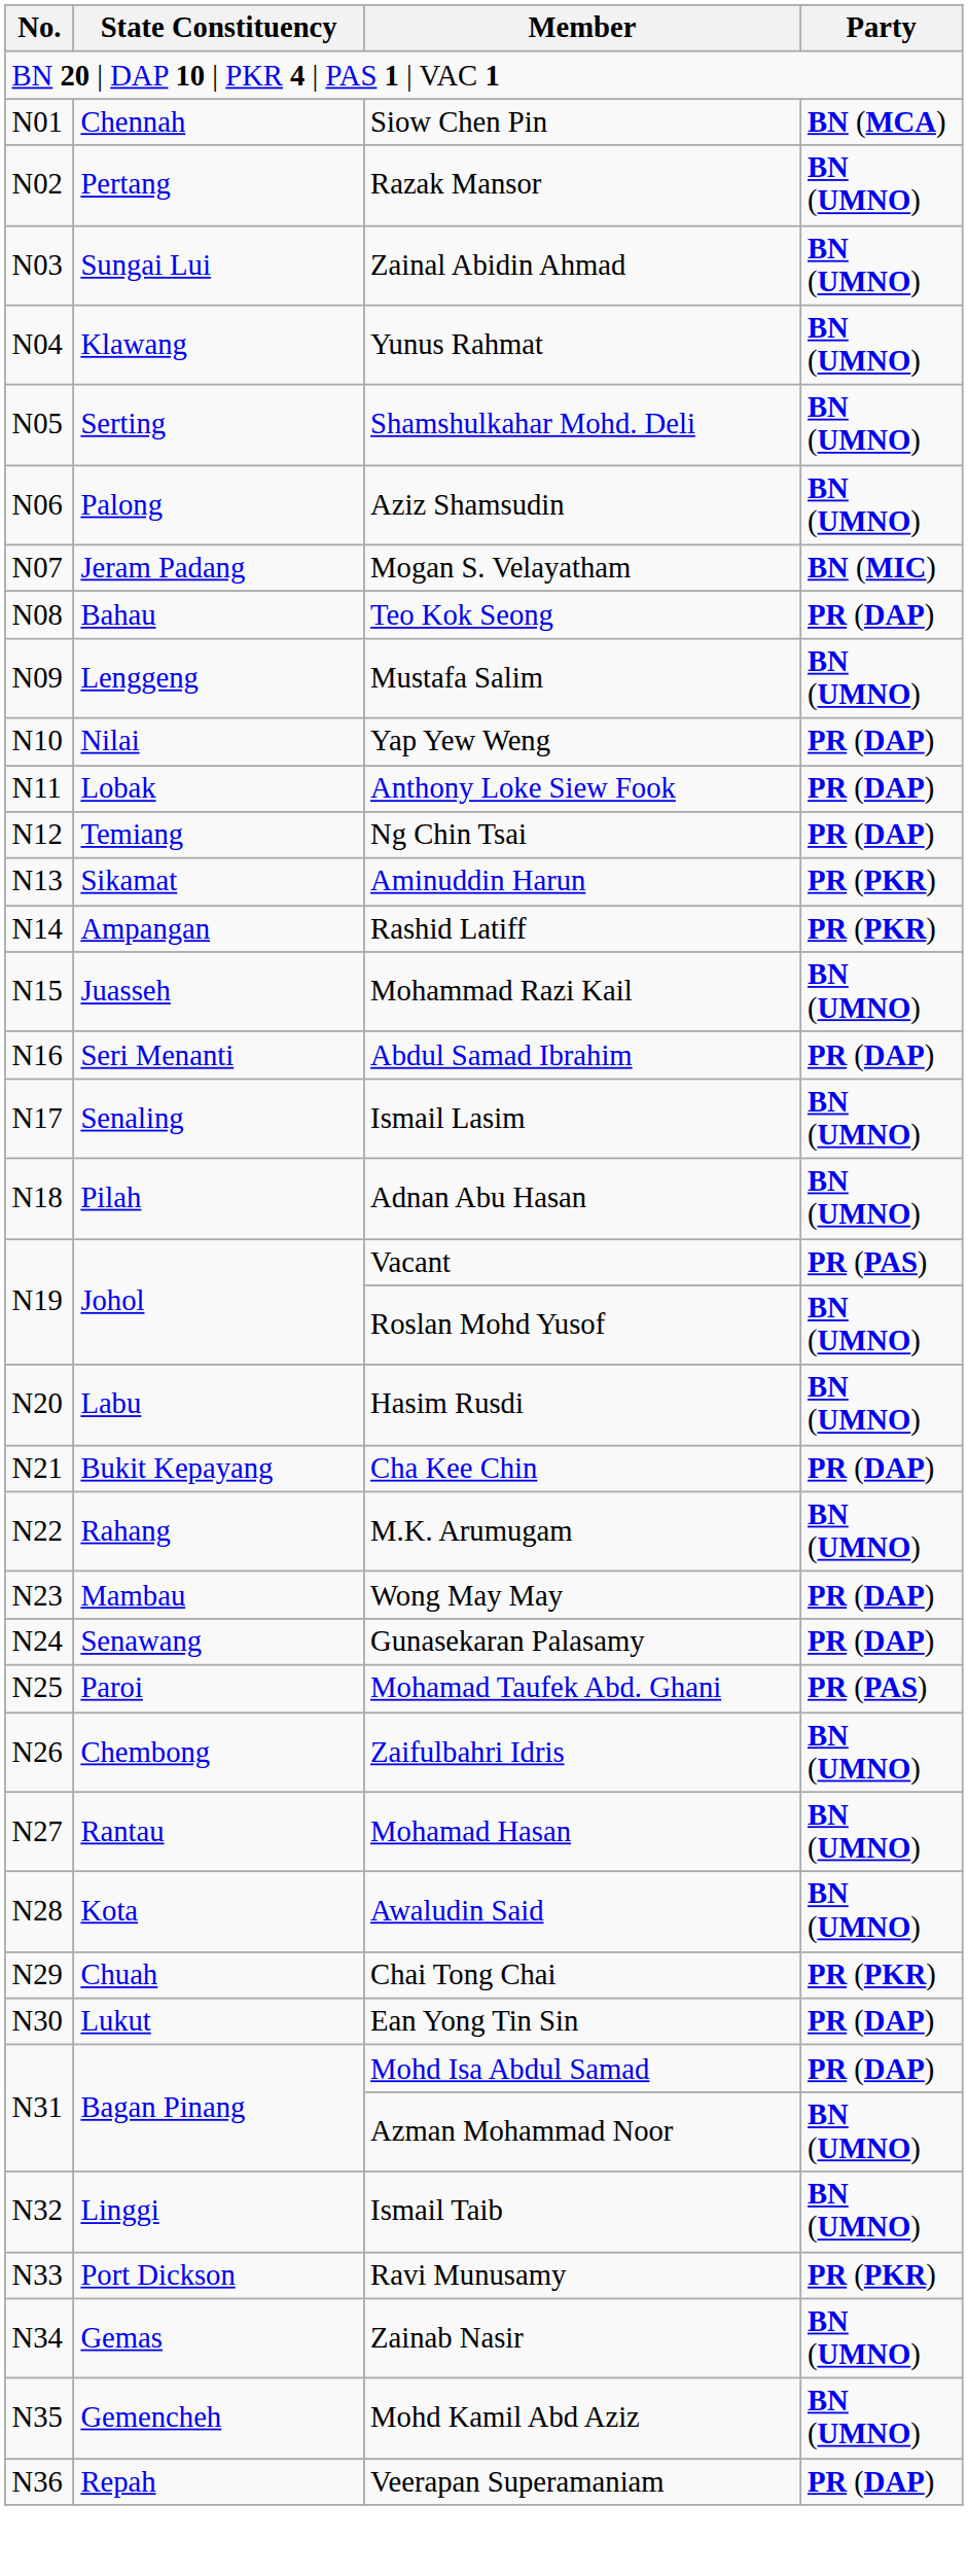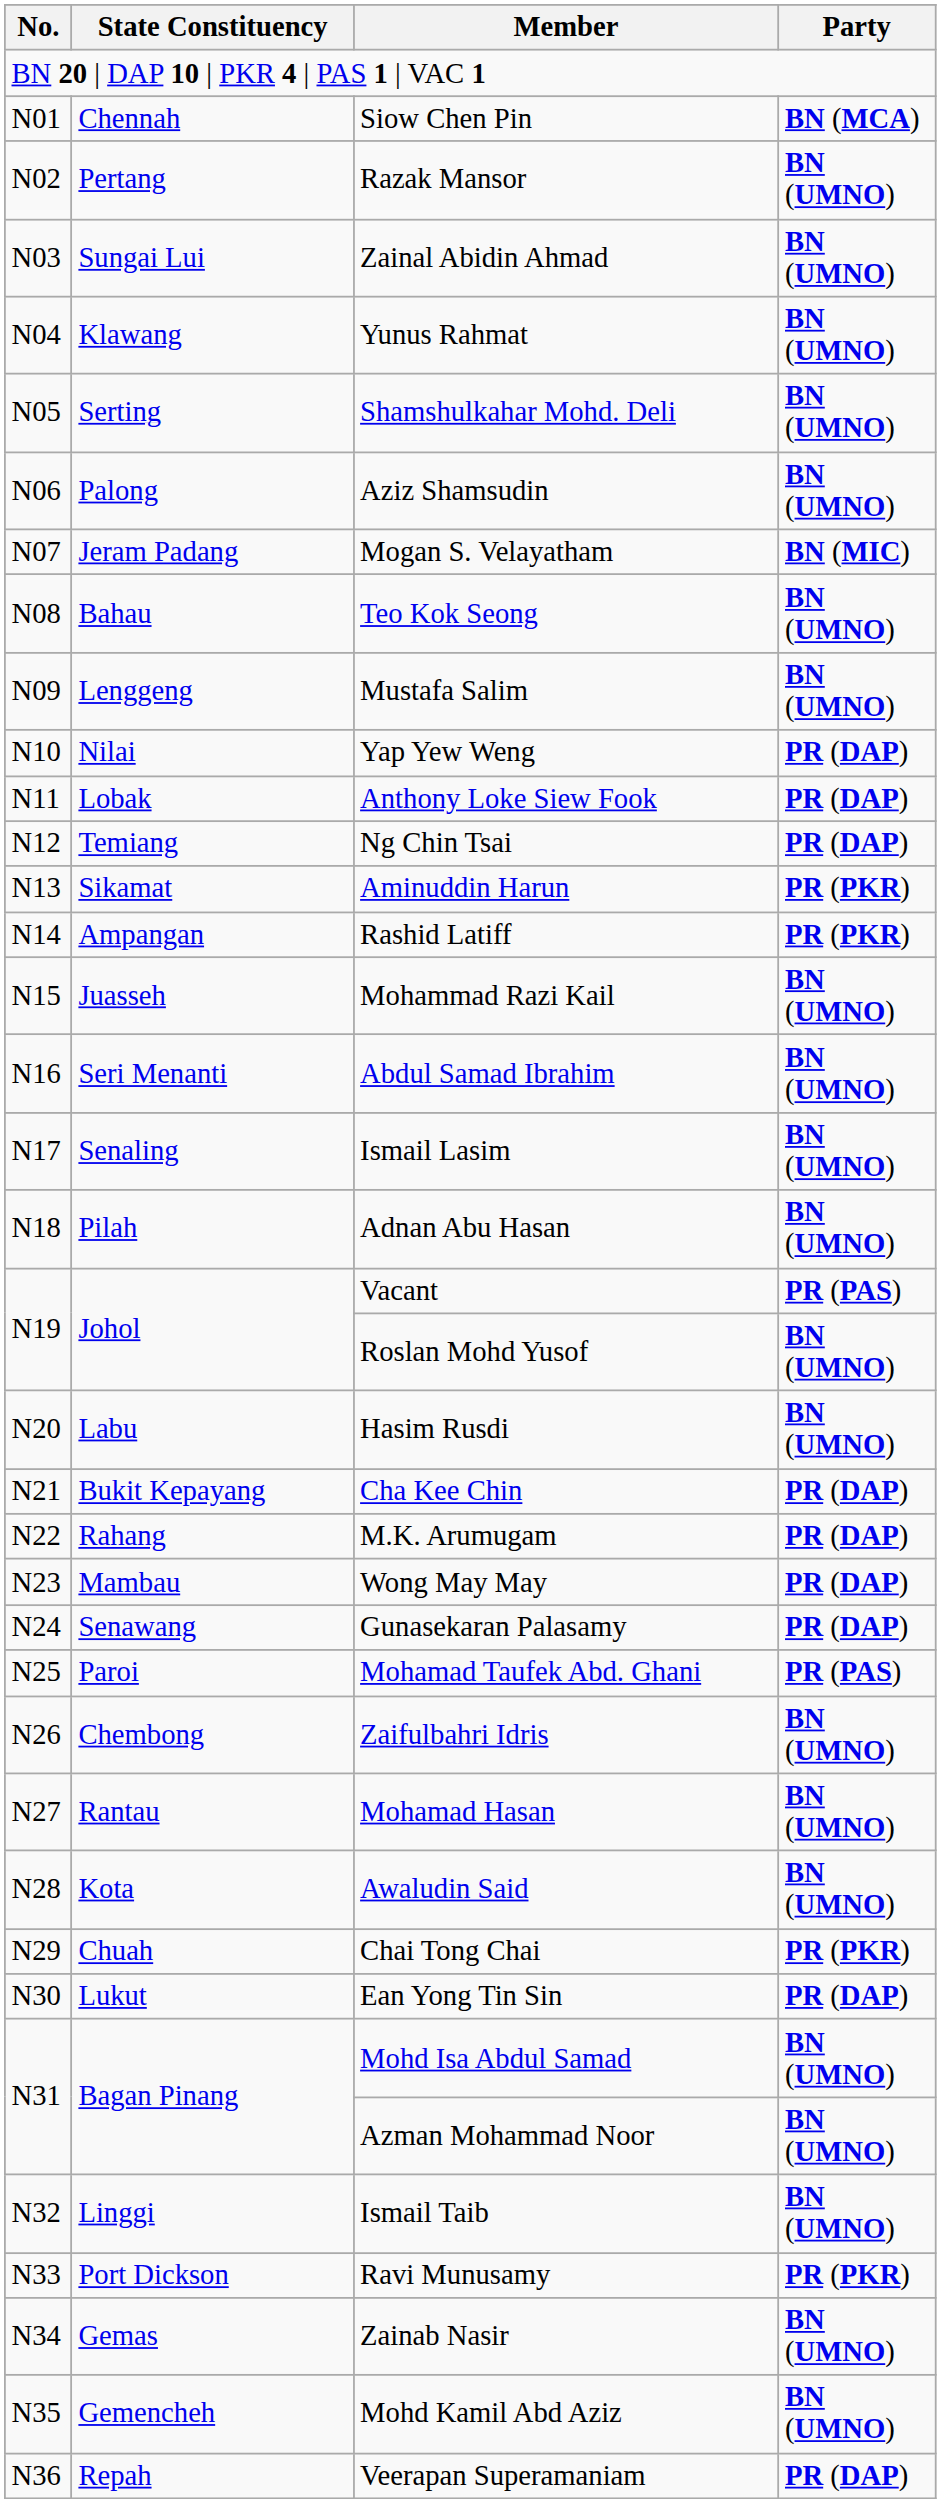 <table class="wikitable sortable">
 <tr>
 <th style="width:30px;">No.</th>
 <th style="width:150px;">State Constituency</th>
 <th style="width:230px;">Member</th>
 <th style="width:80px;">Party</th>
 </tr>
 <tr>
 <td colspan="4"><a href='#'>BN</a> <strong>20</strong> | <a href='#'>DAP</a> <strong>10</strong> | <a href='#'>PKR</a> <strong>4</strong> | <a href='#'>PAS</a> <strong>1</strong> | VAC <strong>1</strong></td>
 </tr>
 <tr>
 <td>N01</td>
 <td><a href='#'>Chennah</a></td>
 <td>Siow Chen Pin</td>
 <td><strong><a href='#'>BN</a></strong> (<strong><a href='#'>MCA</a></strong>)</td>
 </tr>
 <tr>
 <td>N02</td>
 <td><a href='#'>Pertang</a></td>
 <td>Razak Mansor</td>
 <td><strong><a href='#'>BN</a></strong> (<strong><a href='#'>UMNO</a></strong>)</td>
 </tr>
 <tr>
 <td>N03</td>
 <td><a href='#'>Sungai Lui</a></td>
 <td>Zainal Abidin Ahmad</td>
 <td><strong><a href='#'>BN</a></strong> (<strong><a href='#'>UMNO</a></strong>)</td>
 </tr>
 <tr>
 <td>N04</td>
 <td><a href='#'>Klawang</a></td>
 <td>Yunus Rahmat</td>
 <td><strong><a href='#'>BN</a></strong> (<strong><a href='#'>UMNO</a></strong>)</td>
 </tr>
 <tr>
 <td>N05</td>
 <td><a href='#'>Serting</a></td>
 <td><a href='#'>Shamshulkahar Mohd. Deli</a></td>
 <td><strong><a href='#'>BN</a></strong> (<strong><a href='#'>UMNO</a></strong>)</td>
 </tr>
 <tr>
 <td>N06</td>
 <td><a href='#'>Palong</a></td>
 <td>Aziz Shamsudin</td>
 <td><strong><a href='#'>BN</a></strong> (<strong><a href='#'>UMNO</a></strong>)</td>
 </tr>
 <tr>
 <td>N07</td>
 <td><a href='#'>Jeram Padang</a></td>
 <td>Mogan S. Velayatham</td>
 <td><strong><a href='#'>BN</a></strong> (<strong><a href='#'>MIC</a></strong>)</td>
 </tr>
 <tr>
 <td>N08</td>
 <td><a href='#'>Bahau</a></td>
 <td><a href='#'>Teo Kok Seong</a></td>
-<td><strong><a href='#'>PR</a></strong> (<strong><a href='#'>DAP</a></strong>)</td>
+<td><strong><a href='#'>BN</a></strong> (<strong><a href='#'>UMNO</a></strong>)</td>
 </tr>
 <tr>
 <td>N09</td>
 <td><a href='#'>Lenggeng</a></td>
 <td>Mustafa Salim</td>
 <td><strong><a href='#'>BN</a></strong> (<strong><a href='#'>UMNO</a></strong>)</td>
 </tr>
 <tr>
 <td>N10</td>
 <td><a href='#'>Nilai</a></td>
 <td>Yap Yew Weng</td>
 <td><strong><a href='#'>PR</a></strong> (<strong><a href='#'>DAP</a></strong>)</td>
 </tr>
 <tr>
 <td>N11</td>
 <td><a href='#'>Lobak</a></td>
 <td><a href='#'>Anthony Loke Siew Fook</a></td>
 <td><strong><a href='#'>PR</a></strong> (<strong><a href='#'>DAP</a></strong>)</td>
 </tr>
 <tr>
 <td>N12</td>
 <td><a href='#'>Temiang</a></td>
 <td>Ng Chin Tsai</td>
 <td><strong><a href='#'>PR</a></strong> (<strong><a href='#'>DAP</a></strong>)</td>
 </tr>
 <tr>
 <td>N13</td>
 <td><a href='#'>Sikamat</a></td>
 <td><a href='#'>Aminuddin Harun</a></td>
 <td><strong><a href='#'>PR</a></strong> (<strong><a href='#'>PKR</a></strong>)</td>
 </tr>
 <tr>
 <td>N14</td>
 <td><a href='#'>Ampangan</a></td>
 <td>Rashid Latiff</td>
 <td><strong><a href='#'>PR</a></strong> (<strong><a href='#'>PKR</a></strong>)</td>
 </tr>
 <tr>
 <td>N15</td>
 <td><a href='#'>Juasseh</a></td>
 <td>Mohammad Razi Kail</td>
 <td><strong><a href='#'>BN</a></strong> (<strong><a href='#'>UMNO</a></strong>)</td>
 </tr>
 <tr>
 <td>N16</td>
 <td><a href='#'>Seri Menanti</a></td>
 <td><a href='#'>Abdul Samad Ibrahim</a></td>
-<td><strong><a href='#'>PR</a></strong> (<strong><a href='#'>DAP</a></strong>)</td>
+<td><strong><a href='#'>BN</a></strong> (<strong><a href='#'>UMNO</a></strong>)</td>
 </tr>
 <tr>
 <td>N17</td>
 <td><a href='#'>Senaling</a></td>
 <td>Ismail Lasim</td>
 <td><strong><a href='#'>BN</a></strong> (<strong><a href='#'>UMNO</a></strong>)</td>
 </tr>
 <tr>
 <td>N18</td>
 <td><a href='#'>Pilah</a></td>
 <td>Adnan Abu Hasan</td>
 <td><strong><a href='#'>BN</a></strong> (<strong><a href='#'>UMNO</a></strong>)</td>
 </tr>
 <tr>
 <td rowspan=2>N19</td>
 <td rowspan=2><a href='#'>Johol</a></td>
 <td>Vacant </td>
 <td><strong><a href='#'>PR</a></strong> (<strong><a href='#'>PAS</a></strong>)</td>
 </tr>
 <tr>
 <td>Roslan Mohd Yusof </td>
 <td><strong><a href='#'>BN</a></strong> (<strong><a href='#'>UMNO</a></strong>)</td>
 </tr>
 <tr>
 <td>N20</td>
 <td><a href='#'>Labu</a></td>
 <td>Hasim Rusdi</td>
 <td><strong><a href='#'>BN</a></strong> (<strong><a href='#'>UMNO</a></strong>)</td>
 </tr>
 <tr>
 <td>N21</td>
 <td><a href='#'>Bukit Kepayang</a></td>
 <td><a href='#'>Cha Kee Chin</a></td>
 <td><strong><a href='#'>PR</a></strong> (<strong><a href='#'>DAP</a></strong>)</td>
 </tr>
 <tr>
 <td>N22</td>
 <td><a href='#'>Rahang</a></td>
 <td>M.K. Arumugam</td>
-<td><strong><a href='#'>BN</a></strong> (<strong><a href='#'>UMNO</a></strong>)</td>
+<td><strong><a href='#'>PR</a></strong> (<strong><a href='#'>DAP</a></strong>)</td>
 </tr>
 <tr>
 <td>N23</td>
 <td><a href='#'>Mambau</a></td>
 <td>Wong May May</td>
 <td><strong><a href='#'>PR</a></strong> (<strong><a href='#'>DAP</a></strong>)</td>
 </tr>
 <tr>
 <td>N24</td>
 <td><a href='#'>Senawang</a></td>
 <td>Gunasekaran Palasamy</td>
 <td><strong><a href='#'>PR</a></strong> (<strong><a href='#'>DAP</a></strong>)</td>
 </tr>
 <tr>
 <td>N25</td>
 <td><a href='#'>Paroi</a></td>
 <td><a href='#'>Mohamad Taufek Abd. Ghani</a></td>
 <td><strong><a href='#'>PR</a></strong> (<strong><a href='#'>PAS</a></strong>)</td>
 </tr>
 <tr>
 <td>N26</td>
 <td><a href='#'>Chembong</a></td>
 <td><a href='#'>Zaifulbahri Idris</a></td>
 <td><strong><a href='#'>BN</a></strong> (<strong><a href='#'>UMNO</a></strong>)</td>
 </tr>
 <tr>
 <td>N27</td>
 <td><a href='#'>Rantau</a></td>
 <td><a href='#'>Mohamad Hasan</a></td>
 <td><strong><a href='#'>BN</a></strong> (<strong><a href='#'>UMNO</a></strong>)</td>
 </tr>
 <tr>
 <td>N28</td>
 <td><a href='#'>Kota</a></td>
 <td><a href='#'>Awaludin Said</a></td>
 <td><strong><a href='#'>BN</a></strong> (<strong><a href='#'>UMNO</a></strong>)</td>
 </tr>
 <tr>
 <td>N29</td>
 <td><a href='#'>Chuah</a></td>
 <td>Chai Tong Chai</td>
 <td><strong><a href='#'>PR</a></strong> (<strong><a href='#'>PKR</a></strong>)</td>
 </tr>
 <tr>
 <td>N30</td>
 <td><a href='#'>Lukut</a></td>
 <td>Ean Yong Tin Sin</td>
 <td><strong><a href='#'>PR</a></strong> (<strong><a href='#'>DAP</a></strong>)</td>
 </tr>
 <tr>
 <td rowspan=2>N31</td>
 <td rowspan=2><a href='#'>Bagan Pinang</a></td>
 <td><a href='#'>Mohd Isa Abdul Samad</a> </td>
-<td><strong><a href='#'>PR</a></strong> (<strong><a href='#'>DAP</a></strong>)</td>
+<td><strong><a href='#'>BN</a></strong> (<strong><a href='#'>UMNO</a></strong>)</td>
 </tr>
 <tr>
 <td>Azman Mohammad Noor </td>
 <td><strong><a href='#'>BN</a></strong> (<strong><a href='#'>UMNO</a></strong>)</td>
 </tr>
 <tr>
 <td>N32</td>
 <td><a href='#'>Linggi</a></td>
 <td>Ismail Taib</td>
 <td><strong><a href='#'>BN</a></strong> (<strong><a href='#'>UMNO</a></strong>)</td>
 </tr>
 <tr>
 <td>N33</td>
 <td><a href='#'>Port Dickson</a></td>
 <td>Ravi Munusamy</td>
 <td><strong><a href='#'>PR</a></strong> (<strong><a href='#'>PKR</a></strong>)</td>
 </tr>
 <tr>
 <td>N34</td>
 <td><a href='#'>Gemas</a></td>
 <td>Zainab Nasir</td>
 <td><strong><a href='#'>BN</a></strong> (<strong><a href='#'>UMNO</a></strong>)</td>
 </tr>
 <tr>
 <td>N35</td>
 <td><a href='#'>Gemencheh</a></td>
 <td>Mohd Kamil Abd Aziz</td>
 <td><strong><a href='#'>BN</a></strong> (<strong><a href='#'>UMNO</a></strong>)</td>
 </tr>
 <tr>
 <td>N36</td>
 <td><a href='#'>Repah</a></td>
 <td>Veerapan Superamaniam</td>
 <td><strong><a href='#'>PR</a></strong> (<strong><a href='#'>DAP</a></strong>)</td>
 </tr>
 </table>
